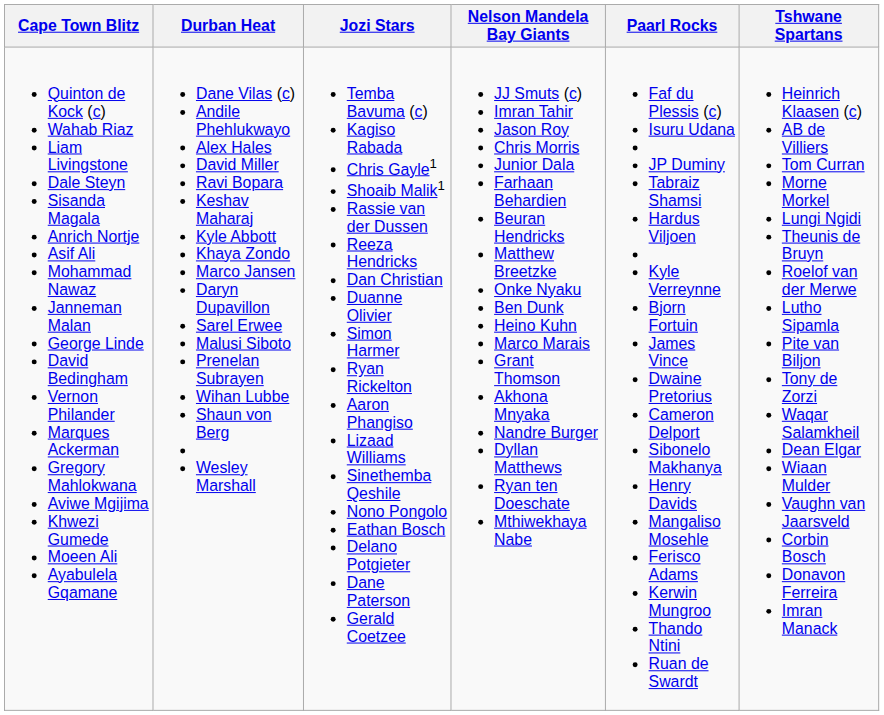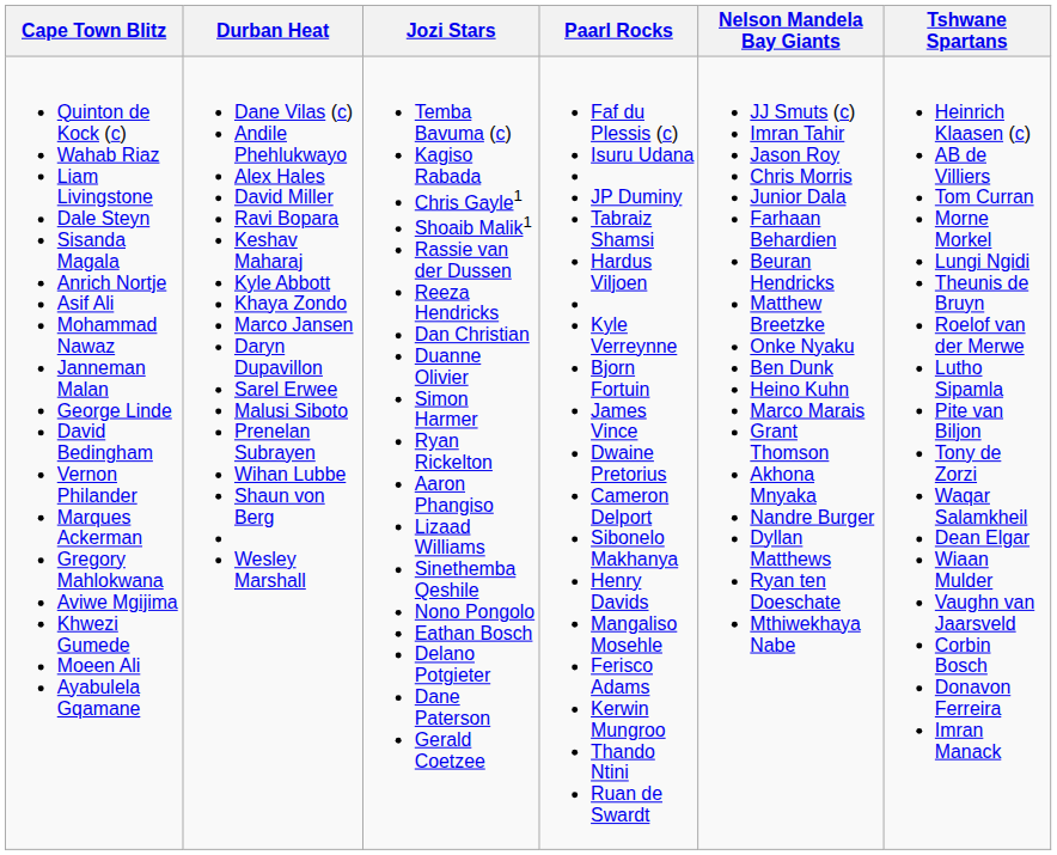 <table class="wikitable" style="text-align:left; margin:auto">
 <tr>
 <th><a href='#'>Cape Town Blitz</a></th>
 <th><a href='#'>Durban Heat</a></th>
 <th><a href='#'>Jozi Stars</a></th>
+<th><a href='#'>Paarl Rocks</a></th>
 <th><a href='#'>Nelson Mandela Bay Giants</a></th>
-<th><a href='#'>Paarl Rocks</a></th>
 <th><a href='#'>Tshwane Spartans</a></th>
 </tr>
 <tr style="vertical-align:top">
 <td><br><ul><li><a href='#'>Quinton de Kock</a> (<a href='#'>c</a>)</li><li><a href='#'>Wahab Riaz</a></li><li><a href='#'>Liam Livingstone</a></li><li><a href='#'>Dale Steyn</a></li><li><a href='#'>Sisanda Magala</a></li><li><a href='#'>Anrich Nortje</a></li><li><a href='#'>Asif Ali</a></li><li><a href='#'>Mohammad Nawaz</a></li><li><a href='#'>Janneman Malan</a></li><li><a href='#'>George Linde</a></li><li><a href='#'>David Bedingham</a></li><li><a href='#'>Vernon Philander</a></li><li><a href='#'>Marques Ackerman</a></li><li><a href='#'>Gregory Mahlokwana</a></li><li><a href='#'>Aviwe Mgijima</a></li><li><a href='#'>Khwezi Gumede</a></li><li><a href='#'>Moeen Ali</a></li><li><a href='#'>Ayabulela Gqamane</a></li></ul></td>
 <td><br><ul><li><a href='#'>Dane Vilas</a> (<a href='#'>c</a>)</li><li><a href='#'>Andile Phehlukwayo</a></li><li><a href='#'>Alex Hales</a></li><li><a href='#'>David Miller</a></li><li><a href='#'>Ravi Bopara</a></li><li><a href='#'>Keshav Maharaj</a></li><li><a href='#'>Kyle Abbott</a></li><li><a href='#'>Khaya Zondo</a></li><li><a href='#'>Marco Jansen</a></li><li><a href='#'>Daryn Dupavillon</a></li><li><a href='#'>Sarel Erwee</a></li><li><a href='#'>Malusi Siboto</a></li><li><a href='#'>Prenelan Subrayen</a></li><li><a href='#'>Wihan Lubbe</a></li><li><a href='#'>Shaun von Berg</a></li><li></li><li><a href='#'>Wesley Marshall</a></li></ul></td>
 <td><br><ul><li><a href='#'>Temba Bavuma</a> (<a href='#'>c</a>)</li><li><a href='#'>Kagiso Rabada</a></li><li><a href='#'>Chris Gayle</a><sup>1</sup></li><li><a href='#'>Shoaib Malik</a><sup>1</sup></li><li><a href='#'>Rassie van der Dussen</a></li><li><a href='#'>Reeza Hendricks</a></li><li><a href='#'>Dan Christian</a></li><li><a href='#'>Duanne Olivier</a></li><li><a href='#'>Simon Harmer</a></li><li><a href='#'>Ryan Rickelton</a></li><li><a href='#'>Aaron Phangiso</a></li><li><a href='#'>Lizaad Williams</a></li><li><a href='#'>Sinethemba Qeshile</a></li><li><a href='#'>Nono Pongolo</a></li><li><a href='#'>Eathan Bosch</a></li><li><a href='#'>Delano Potgieter</a></li><li><a href='#'>Dane Paterson</a></li><li><a href='#'>Gerald Coetzee</a></li></ul></td>
+<td><br><ul><li><a href='#'>Faf du Plessis</a> (<a href='#'>c</a>)</li><li><a href='#'>Isuru Udana</a></li><li></li><li><a href='#'>JP Duminy</a></li><li><a href='#'>Tabraiz Shamsi</a></li><li><a href='#'>Hardus Viljoen</a></li><li></li><li><a href='#'>Kyle Verreynne</a></li><li><a href='#'>Bjorn Fortuin</a></li><li><a href='#'>James Vince</a></li><li><a href='#'>Dwaine Pretorius</a></li><li><a href='#'>Cameron Delport</a></li><li><a href='#'>Sibonelo Makhanya</a></li><li><a href='#'>Henry Davids</a></li><li><a href='#'>Mangaliso Mosehle</a></li><li><a href='#'>Ferisco Adams</a></li><li><a href='#'>Kerwin Mungroo</a></li><li><a href='#'>Thando Ntini</a></li><li><a href='#'>Ruan de Swardt</a></li></ul></td>
 <td><br><ul><li><a href='#'>JJ Smuts</a> (<a href='#'>c</a>)</li><li><a href='#'>Imran Tahir</a></li><li><a href='#'>Jason Roy</a></li><li><a href='#'>Chris Morris</a></li><li><a href='#'>Junior Dala</a></li><li><a href='#'>Farhaan Behardien</a></li><li><a href='#'>Beuran Hendricks</a></li><li><a href='#'>Matthew Breetzke</a></li><li><a href='#'>Onke Nyaku</a></li><li><a href='#'>Ben Dunk</a></li><li><a href='#'>Heino Kuhn</a></li><li><a href='#'>Marco Marais</a></li><li><a href='#'>Grant Thomson</a></li><li><a href='#'>Akhona Mnyaka</a></li><li><a href='#'>Nandre Burger</a></li><li><a href='#'>Dyllan Matthews</a></li><li><a href='#'>Ryan ten Doeschate</a></li><li><a href='#'>Mthiwekhaya Nabe</a></li></ul></td>
-<td><br><ul><li><a href='#'>Faf du Plessis</a> (<a href='#'>c</a>)</li><li><a href='#'>Isuru Udana</a></li><li></li><li><a href='#'>JP Duminy</a></li><li><a href='#'>Tabraiz Shamsi</a></li><li><a href='#'>Hardus Viljoen</a></li><li></li><li><a href='#'>Kyle Verreynne</a></li><li><a href='#'>Bjorn Fortuin</a></li><li><a href='#'>James Vince</a></li><li><a href='#'>Dwaine Pretorius</a></li><li><a href='#'>Cameron Delport</a></li><li><a href='#'>Sibonelo Makhanya</a></li><li><a href='#'>Henry Davids</a></li><li><a href='#'>Mangaliso Mosehle</a></li><li><a href='#'>Ferisco Adams</a></li><li><a href='#'>Kerwin Mungroo</a></li><li><a href='#'>Thando Ntini</a></li><li><a href='#'>Ruan de Swardt</a></li></ul></td>
 <td><br><ul><li><a href='#'>Heinrich Klaasen</a> (<a href='#'>c</a>)</li><li><a href='#'>AB de Villiers</a></li><li><a href='#'>Tom Curran</a></li><li><a href='#'>Morne Morkel</a></li><li><a href='#'>Lungi Ngidi</a></li><li><a href='#'>Theunis de Bruyn</a></li><li><a href='#'>Roelof van der Merwe</a></li><li><a href='#'>Lutho Sipamla</a></li><li><a href='#'>Pite van Biljon</a></li><li><a href='#'>Tony de Zorzi</a></li><li><a href='#'>Waqar Salamkheil</a></li><li><a href='#'>Dean Elgar</a></li><li><a href='#'>Wiaan Mulder</a></li><li><a href='#'>Vaughn van Jaarsveld</a></li><li><a href='#'>Corbin Bosch</a></li><li><a href='#'>Donavon Ferreira</a></li><li><a href='#'>Imran Manack</a></li></ul></td>
 </tr>
 </table>
